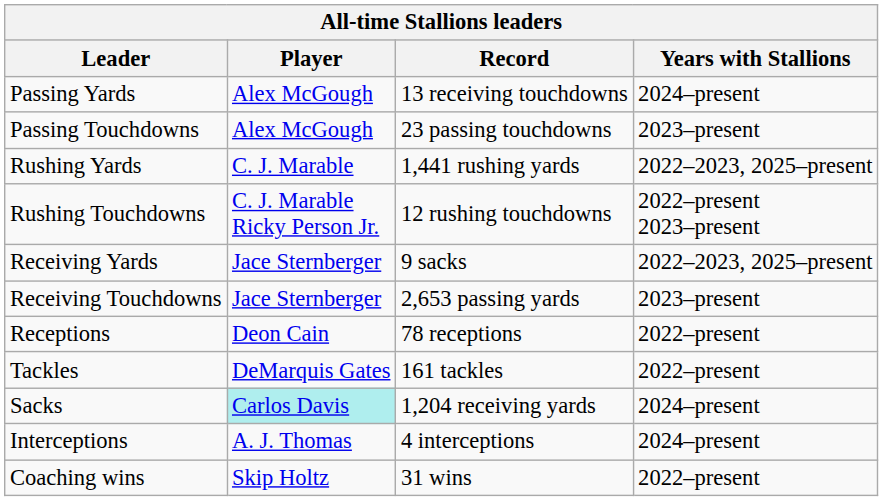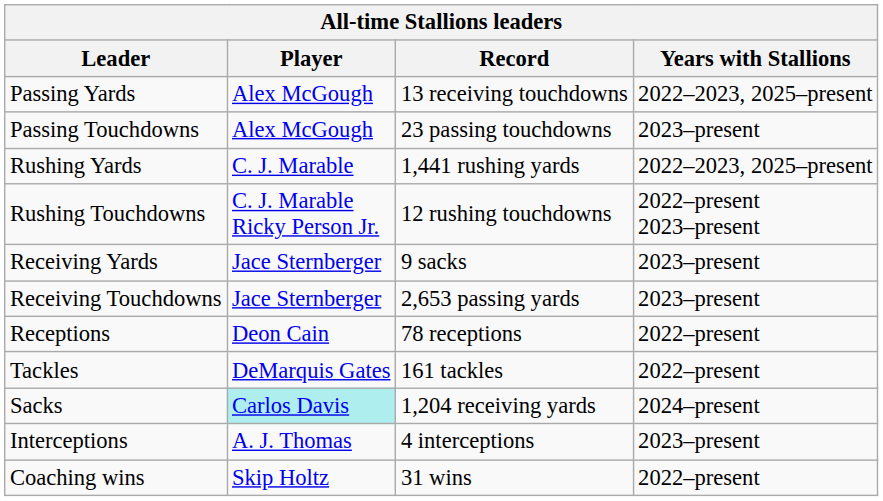 <table class="wikitable">
 <tr>
 <th colspan="5">All-time Stallions leaders</th>
 </tr>
 <tr>
 <th>Leader</th>
 <th>Player</th>
 <th>Record</th>
 <th>Years with Stallions</th>
 </tr>
 <tr>
 <td>Passing Yards</td>
 <td><a href='#'>Alex McGough</a></td>
 <td>13 receiving touchdowns</td>
-<td>2024–present</td>
+<td>2022–2023, 2025–present</td>
 </tr>
 <tr>
 <td>Passing Touchdowns</td>
 <td><a href='#'>Alex McGough</a></td>
 <td>23 passing touchdowns</td>
 <td>2023–present</td>
 </tr>
 <tr>
 <td>Rushing Yards</td>
 <td><a href='#'>C. J. Marable</a></td>
 <td>1,441 rushing yards</td>
 <td>2022–2023, 2025–present</td>
 </tr>
 <tr>
 <td>Rushing Touchdowns</td>
 <td><a href='#'>C. J. Marable</a><br><a href='#'>Ricky Person Jr.</a></td>
 <td>12 rushing touchdowns</td>
 <td>2022–present<br>2023–present</td>
 </tr>
 <tr>
 <td>Receiving Yards</td>
 <td><a href='#'>Jace Sternberger</a></td>
 <td>9 sacks</td>
-<td>2022–2023, 2025–present</td>
+<td>2023–present</td>
 </tr>
 <tr>
 <td>Receiving Touchdowns</td>
 <td><a href='#'>Jace Sternberger</a></td>
 <td>2,653 passing yards</td>
 <td>2023–present</td>
 </tr>
 <tr>
 <td>Receptions</td>
 <td><a href='#'>Deon Cain</a></td>
 <td>78 receptions</td>
 <td>2022–present</td>
 </tr>
 <tr>
 <td>Tackles</td>
 <td><a href='#'>DeMarquis Gates</a></td>
 <td>161 tackles</td>
 <td>2022–present</td>
 </tr>
 <tr>
 <td>Sacks</td>
 <td style="background: paleturquoise;"><a href='#'>Carlos Davis</a></td>
 <td>1,204 receiving yards</td>
 <td>2024–present</td>
 </tr>
 <tr>
 <td>Interceptions</td>
 <td><a href='#'>A. J. Thomas</a></td>
 <td>4 interceptions</td>
-<td>2024–present</td>
+<td>2023–present</td>
 </tr>
 <tr>
 <td>Coaching wins</td>
 <td><a href='#'>Skip Holtz</a></td>
 <td>31 wins</td>
 <td>2022–present</td>
 </tr>
 </table>
